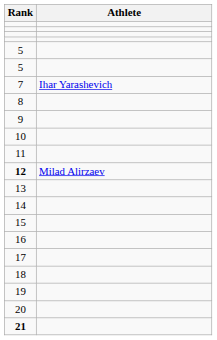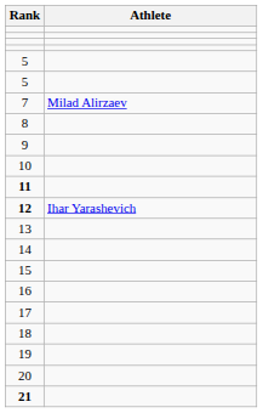 <table class="wikitable" style="text-align: center;">
 <tr>
 <th width=40>Rank</th>
 <th width=250>Athlete</th>
 </tr>
 <tr>
 <td></td>
 <td align="left"></td>
 </tr>
 <tr>
 <td></td>
 <td align="left"></td>
 </tr>
 <tr>
 <td></td>
 <td align="left"></td>
 </tr>
 <tr>
 <td></td>
 <td align="left"></td>
 </tr>
 <tr>
 <td>5</td>
 <td align="left"></td>
 </tr>
 <tr>
 <td>5</td>
 <td align="left"></td>
 </tr>
 <tr>
 <td>7</td>
-<td align="left"> <a href='#'>Ihar Yarashevich</a> </td>
+<td align="left"> <a href='#'>Milad Alirzaev</a> </td>
 </tr>
 <tr>
 <td>8</td>
 <td align="left"></td>
 </tr>
 <tr>
 <td>9</td>
 <td align="left"></td>
 </tr>
 <tr>
 <td>10</td>
 <td align="left"></td>
 </tr>
 <tr>
-<td>11</td>
+<td><strong>11</strong></td>
 <td align="left"></td>
 </tr>
 <tr>
 <td><strong>12</strong></td>
-<td align="left"> <a href='#'>Milad Alirzaev</a> </td>
+<td align="left"> <a href='#'>Ihar Yarashevich</a> </td>
 </tr>
 <tr>
 <td>13</td>
 <td align="left"></td>
 </tr>
 <tr>
 <td>14</td>
 <td align="left"></td>
 </tr>
 <tr>
 <td>15</td>
 <td align="left"></td>
 </tr>
 <tr>
 <td>16</td>
 <td align="left"></td>
 </tr>
 <tr>
 <td>17</td>
 <td align="left"></td>
 </tr>
 <tr>
 <td>18</td>
 <td align="left"></td>
 </tr>
 <tr>
 <td>19</td>
 <td align="left"></td>
 </tr>
 <tr>
 <td>20</td>
 <td align="left"></td>
 </tr>
 <tr>
 <td><strong>21</strong></td>
 <td align="left"></td>
 </tr>
 </table>
